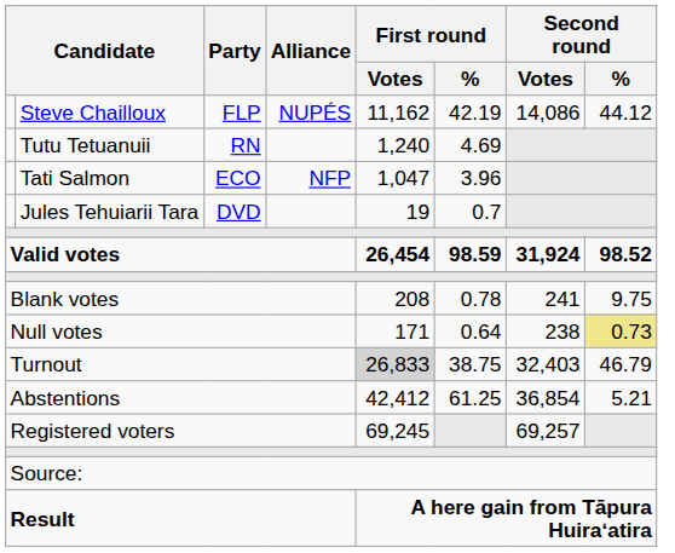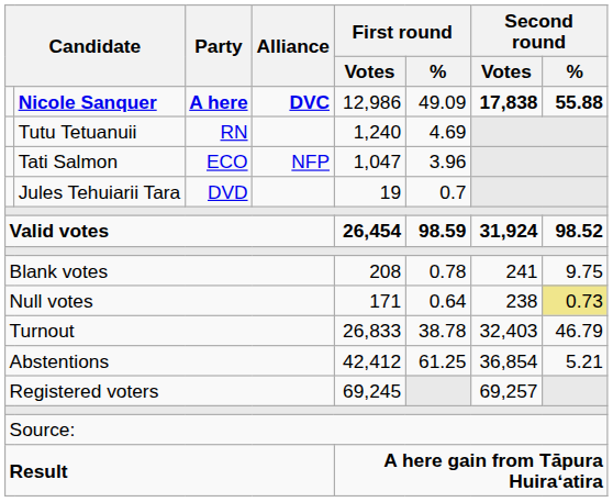 <table class="wikitable" style="text-align:right;font-size:95%;">
 <tr>
 <th colspan="2" rowspan="2">Candidate</th>
 <th colspan="1" rowspan="2">Party</th>
 <th colspan="1" rowspan="2">Alliance</th>
 <th colspan="2">First round</th>
 <th colspan="2">Second round</th>
 </tr>
 <tr>
 <th style="width:50px;">Votes</th>
 <th style="width:45px;">%</th>
 <th style="width:50px;">Votes</th>
 <th style="width:45px;">%</th>
 </tr>
 <tr>
 <td style="color:inherit;background:"></td>
-<td style="text-align:left;"><a href='#'>Steve Chailloux</a></td>
-<td><a href='#'>FLP</a></td>
-<td><a href='#'>NUPÉS</a></td>
-<td>11,162</td>
-<td>42.19</td>
-<td>14,086</td>
-<td>44.12</td>
+<td style="text-align:left;"><strong><a href='#'>Nicole Sanquer</a></strong></td>
+<td><a href='#'><strong>A here</strong></a></td>
+<td><a href='#'><strong>DVC</strong></a></td>
+<td>12,986</td>
+<td>49.09</td>
+<td><strong>17,838</strong></td>
+<td><strong>55.88</strong></td>
 </tr>
 <tr>
 <td style="color:inherit;background:"></td>
 <td style="text-align:left;">Tutu Tetuanuii</td>
 <td><a href='#'>RN</a></td>
 <td></td>
 <td>1,240</td>
 <td>4.69</td>
 <td colspan="2" rowspan="1" style="background:#E9E9E9;"></td>
 </tr>
 <tr>
 <td style="color:inherit;background:"></td>
 <td style="text-align:left;">Tati Salmon</td>
 <td><a href='#'>ECO</a></td>
 <td><a href='#'>NFP</a></td>
 <td>1,047</td>
 <td>3.96</td>
 <td colspan="2" rowspan="1" style="background:#E9E9E9;"></td>
 </tr>
 <tr>
 <td style="color:inherit;background:"></td>
 <td style="text-align:left;">Jules Tehuiarii Tara</td>
 <td><a href='#'>DVD</a></td>
 <td></td>
 <td>19</td>
 <td>0.7</td>
 <td colspan="2" rowspan="1" style="background:#E9E9E9;"></td>
 </tr>
 <tr>
 <td colspan="8" style="background:#E9E9E9;"></td>
 </tr>
 <tr style="font-weight:bold;">
 <td colspan="4" style="text-align:left;">Valid votes</td>
 <td>26,454</td>
 <td>98.59</td>
 <td>31,924</td>
 <td>98.52</td>
 </tr>
 <tr>
 <td colspan="8" style="background:#E9E9E9;"></td>
 </tr>
 <tr>
 <td colspan="4" style="text-align:left;">Blank votes</td>
 <td>208</td>
 <td>0.78</td>
 <td>241</td>
 <td>9.75</td>
 </tr>
 <tr>
 <td colspan="4" style="text-align:left;">Null votes</td>
 <td>171</td>
 <td>0.64</td>
 <td>238</td>
 <td style="background: khaki;">0.73</td>
 </tr>
 <tr>
 <td colspan="4" style="text-align:left;">Turnout</td>
-<td style="background: lightgrey;">26,833</td>
-<td>38.75</td>
+<td>26,833</td>
+<td>38.78</td>
 <td>32,403</td>
 <td>46.79</td>
 </tr>
 <tr>
 <td colspan="4" style="text-align:left;">Abstentions</td>
 <td>42,412</td>
 <td>61.25</td>
 <td>36,854</td>
 <td>5.21</td>
 </tr>
 <tr>
 <td colspan="4" style="text-align:left;">Registered voters</td>
 <td>69,245</td>
 <td style="background:#E9E9E9;"></td>
 <td>69,257</td>
 <td style="background:#E9E9E9;"></td>
 </tr>
 <tr>
 <td colspan="8" style="background:#E9E9E9;"></td>
 </tr>
 <tr>
 <td colspan="8" style="text-align:left;">Source: </td>
 </tr>
 <tr style="font-weight:bold">
 <td colspan="4" style="text-align:left;">Result</td>
 <td colspan="4" style="background-color:">A here gain from Tāpura Huiraʻatira</td>
 </tr>
 </table>
